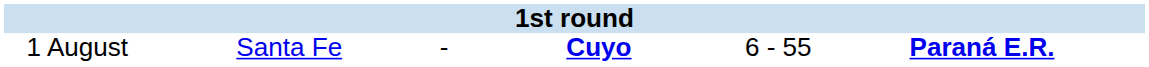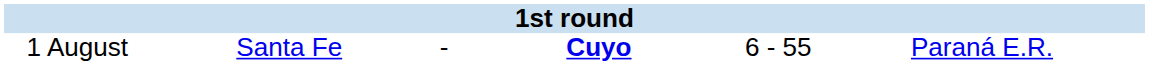 <table border=0 cellspacing=0 cellpadding=0 style="border-collapse: collapse;" width=700>
 <tr bgcolor="#CADFF0">
 <td style="font-size:100%"; align="center" colspan="6"><strong>1st round</strong></td>
 </tr>
 <tr align=center bgcolor=#FFFFFF>
 <td width=90>1 August</td>
 <td width=170><a href='#'>Santa Fe</a></td>
 <td width=20>-</td>
 <td width=170><strong><a href='#'>Cuyo</a></strong></td>
 <td width=50>6 - 55</td>
-<td width=200><strong><a href='#'>Paraná E.R.</a></strong></td>
+<td width=200><a href='#'>Paraná E.R.</a></td>
 </tr>
 </table>
